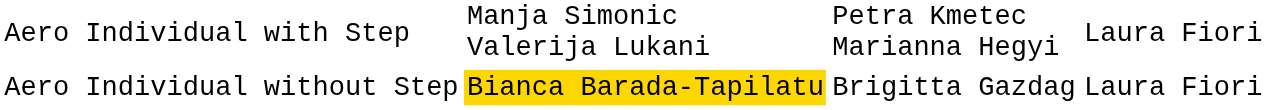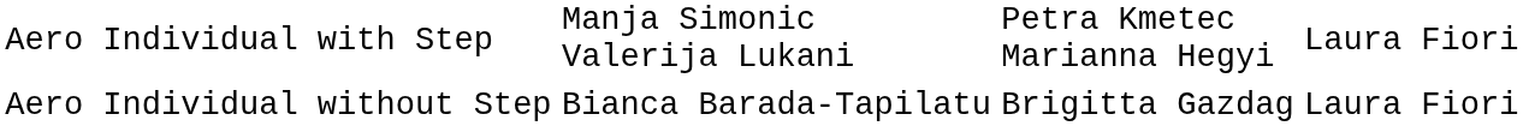 <table>
 <tr>
 <td>Aero Individual with Step<br></td>
 <td>Manja Simonic <br>Valerija Lukani <br></td>
 <td>Petra Kmetec <br>Marianna Hegyi </td>
 <td>Laura Fiori </td>
 </tr>
 <tr>
 <td>Aero Individual without Step<br></td>
-<td style="background: gold;">Bianca Barada-Tapilatu </td>
+<td>Bianca Barada-Tapilatu </td>
 <td>Brigitta Gazdag </td>
 <td>Laura Fiori </td>
 </tr>
 <tr>
 </tr>
 </table>
